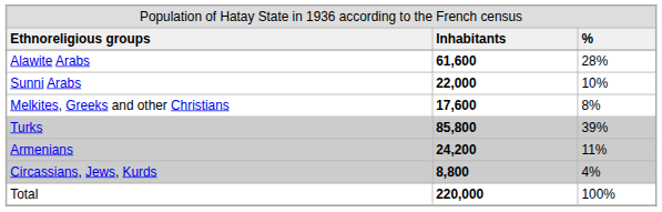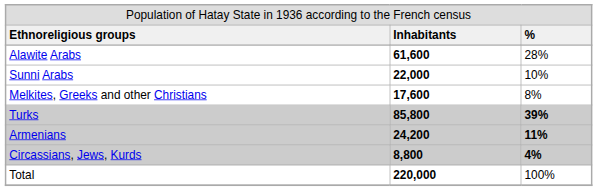 <table cellpadding="4" cellspacing="0" width=40% align="center" rules="all" style="margin: 1em; background: #ffffff; border: 2px solid #aaa; font-size: 100%;">
 <tr bgcolor=#DDDDDD>
 <td colspan=7 align="center">Population of Hatay State in 1936 according to the French census</td>
 </tr>
 <tr bgcolor=#f0f0f0 align="left">
 <th>Ethnoreligious groups</th>
 <th>Inhabitants</th>
 <th>%</th>
 </tr>
 <tr style="background:#ccc;">
 </tr>
 <tr>
 <td><a href='#'>Alawite</a> <a href='#'>Arabs</a></td>
 <td><strong>61,600</strong></td>
 <td>28%</td>
 </tr>
 <tr>
 <td><a href='#'>Sunni</a> <a href='#'>Arabs</a></td>
 <td><strong>22,000</strong></td>
 <td>10%</td>
 </tr>
 <tr>
 <td><a href='#'>Melkites</a>, <a href='#'>Greeks</a> and other <a href='#'>Christians</a></td>
 <td><strong>17,600</strong></td>
 <td>8%</td>
 </tr>
 <tr style="background:#ccc;">
 <td><a href='#'>Turks</a></td>
 <td><strong>85,800</strong></td>
-<td>39%</td>
+<td><strong>39%</strong></td>
 </tr>
 <tr style="background:#ccc;">
 <td><a href='#'>Armenians</a></td>
 <td><strong>24,200</strong></td>
-<td>11%</td>
+<td><strong>11%</strong></td>
 </tr>
 <tr style="background:#ccc;">
 <td><a href='#'>Circassians</a>, <a href='#'>Jews</a>, <a href='#'>Kurds</a></td>
 <td><strong>8,800</strong></td>
-<td>4%</td>
+<td><strong>4%</strong></td>
 </tr>
 <tr>
 <td>Total</td>
 <td><strong>220,000</strong></td>
 <td>100%</td>
 </tr>
 <tr>
 </tr>
 </table>
